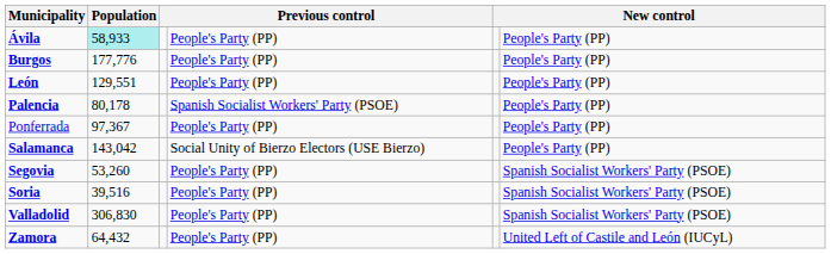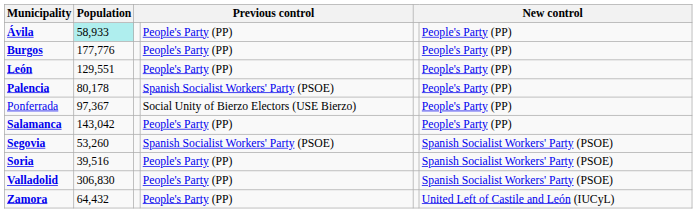 <table class="wikitable sortable">
 <tr>
 <th>Municipality</th>
 <th>Population</th>
 <th colspan="2" style="width:375px;">Previous control</th>
 <th colspan="2" style="width:375px;">New control</th>
 </tr>
 <tr>
 <td><strong><a href='#'>Ávila</a></strong></td>
 <td style="background: paleturquoise;">58,933</td>
 <td width="1" style="color:inherit;background:"></td>
 <td><a href='#'>People's Party</a> (PP)</td>
 <td width="1" style="color:inherit;background:"></td>
 <td><a href='#'>People's Party</a> (PP)</td>
 </tr>
 <tr>
 <td><strong><a href='#'>Burgos</a></strong></td>
 <td>177,776</td>
 <td style="color:inherit;background:"></td>
 <td><a href='#'>People's Party</a> (PP)</td>
 <td style="color:inherit;background:"></td>
 <td><a href='#'>People's Party</a> (PP)</td>
 </tr>
 <tr>
 <td><strong><a href='#'>León</a></strong></td>
 <td>129,551</td>
 <td style="color:inherit;background:"></td>
 <td><a href='#'>People's Party</a> (PP)</td>
 <td style="color:inherit;background:"></td>
 <td><a href='#'>People's Party</a> (PP)</td>
 </tr>
 <tr>
 <td><strong><a href='#'>Palencia</a></strong></td>
 <td>80,178</td>
 <td style="color:inherit;background:"></td>
 <td><a href='#'>Spanish Socialist Workers' Party</a> (PSOE)</td>
 <td style="color:inherit;background:"></td>
 <td><a href='#'>People's Party</a> (PP)</td>
 </tr>
 <tr>
 <td><a href='#'>Ponferrada</a></td>
 <td>97,367</td>
 <td style="color:inherit;background:"></td>
-<td><a href='#'>People's Party</a> (PP)</td>
+<td>Social Unity of Bierzo Electors (USE Bierzo)</td>
 <td style="color:inherit;background:"></td>
 <td><a href='#'>People's Party</a> (PP)</td>
 </tr>
 <tr>
 <td><strong><a href='#'>Salamanca</a></strong></td>
 <td>143,042</td>
 <td style="color:inherit;background:"></td>
-<td>Social Unity of Bierzo Electors (USE Bierzo)</td>
+<td><a href='#'>People's Party</a> (PP)</td>
 <td style="color:inherit;background:"></td>
 <td><a href='#'>People's Party</a> (PP)</td>
 </tr>
 <tr>
 <td><strong><a href='#'>Segovia</a></strong></td>
 <td>53,260</td>
 <td style="color:inherit;background:"></td>
-<td><a href='#'>People's Party</a> (PP)</td>
+<td><a href='#'>Spanish Socialist Workers' Party</a> (PSOE)</td>
 <td style="color:inherit;background:"></td>
 <td><a href='#'>Spanish Socialist Workers' Party</a> (PSOE)</td>
 </tr>
 <tr>
 <td><strong><a href='#'>Soria</a></strong></td>
 <td>39,516</td>
 <td style="color:inherit;background:"></td>
 <td><a href='#'>People's Party</a> (PP)</td>
 <td style="color:inherit;background:"></td>
 <td><a href='#'>Spanish Socialist Workers' Party</a> (PSOE)</td>
 </tr>
 <tr>
 <td><strong><a href='#'>Valladolid</a></strong></td>
 <td>306,830</td>
 <td style="color:inherit;background:"></td>
 <td><a href='#'>People's Party</a> (PP)</td>
 <td style="color:inherit;background:"></td>
 <td><a href='#'>Spanish Socialist Workers' Party</a> (PSOE)</td>
 </tr>
 <tr>
 <td><strong><a href='#'>Zamora</a></strong></td>
 <td>64,432</td>
 <td style="color:inherit;background:"></td>
 <td><a href='#'>People's Party</a> (PP)</td>
 <td style="color:inherit;background:"></td>
 <td><a href='#'>United Left of Castile and León</a> (IUCyL)</td>
 </tr>
 </table>
